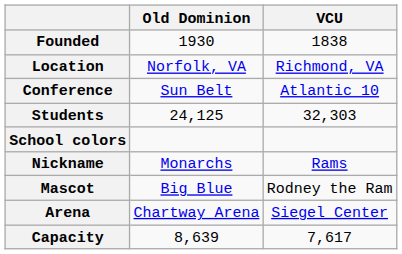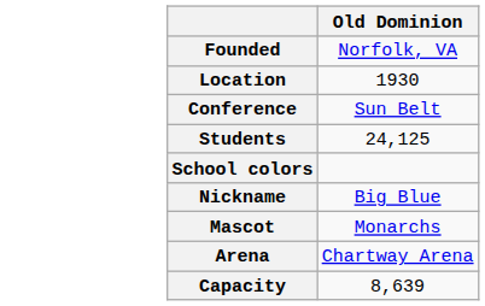 <table class="wikitable" style="float:right; clear:right; margin-left:1em; font-size:88%;">
 <tr>
 <th></th>
 <th>Old Dominion</th>
-<th>VCU</th>
 </tr>
 <tr>
 <th scope=row>Founded</th>
-<td align=center>1930</td>
-<td align=center>1838</td>
+<td align=center><a href='#'>Norfolk, VA</a></td>
 </tr>
 <tr>
 <th scope=row>Location</th>
-<td align=center><a href='#'>Norfolk, VA</a></td>
-<td align=center><a href='#'>Richmond, VA</a></td>
+<td align=center>1930</td>
 </tr>
 <tr>
 <th scope=row>Conference</th>
 <td align=center><a href='#'>Sun Belt</a></td>
-<td align=center><a href='#'>Atlantic 10</a></td>
 </tr>
 <tr>
 <th scope=row>Students</th>
 <td align=center>24,125</td>
-<td align=center>32,303</td>
 </tr>
 <tr>
 <th scope=row>School colors</th>
 <td align=center>  </td>
-<td align=center> </td>
 </tr>
 <tr>
 <th scope=row>Nickname</th>
-<td align=center><a href='#'>Monarchs</a></td>
-<td align=center><a href='#'>Rams</a></td>
+<td align=center><a href='#'>Big Blue</a></td>
 </tr>
 <tr>
 <th scope=row>Mascot</th>
-<td align=center><a href='#'>Big Blue</a></td>
-<td align=center>Rodney the Ram</td>
+<td align=center><a href='#'>Monarchs</a></td>
 </tr>
 <tr>
 <th scope=row>Arena</th>
 <td align=center><a href='#'>Chartway Arena</a></td>
-<td align=center><a href='#'>Siegel Center</a></td>
 </tr>
 <tr>
 <th scope=row>Capacity</th>
 <td align=center>8,639</td>
-<td align=center>7,617</td>
 </tr>
 </table>
